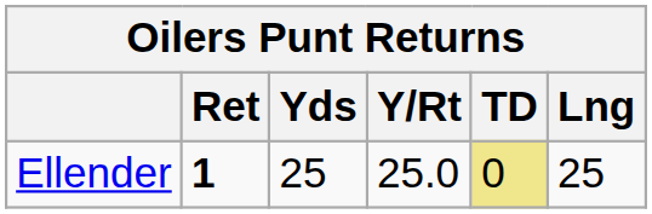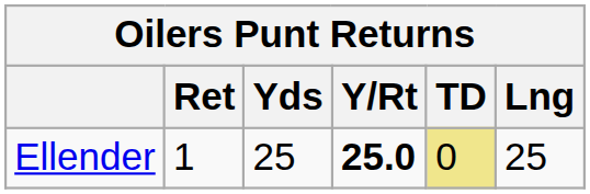 <table class="wikitable">
 <tr>
 <th colspan="6">Oilers Punt Returns</th>
 </tr>
 <tr>
 <th></th>
 <th>Ret</th>
 <th>Yds</th>
 <th>Y/Rt</th>
 <th>TD</th>
 <th>Lng</th>
 </tr>
 <tr>
 <td><a href='#'>Ellender</a></td>
-<td><strong>1</strong></td>
+<td>1</td>
 <td>25</td>
-<td>25.0</td>
+<td><strong>25.0</strong></td>
 <td style="background: khaki;">0</td>
 <td>25</td>
 </tr>
 </table>
